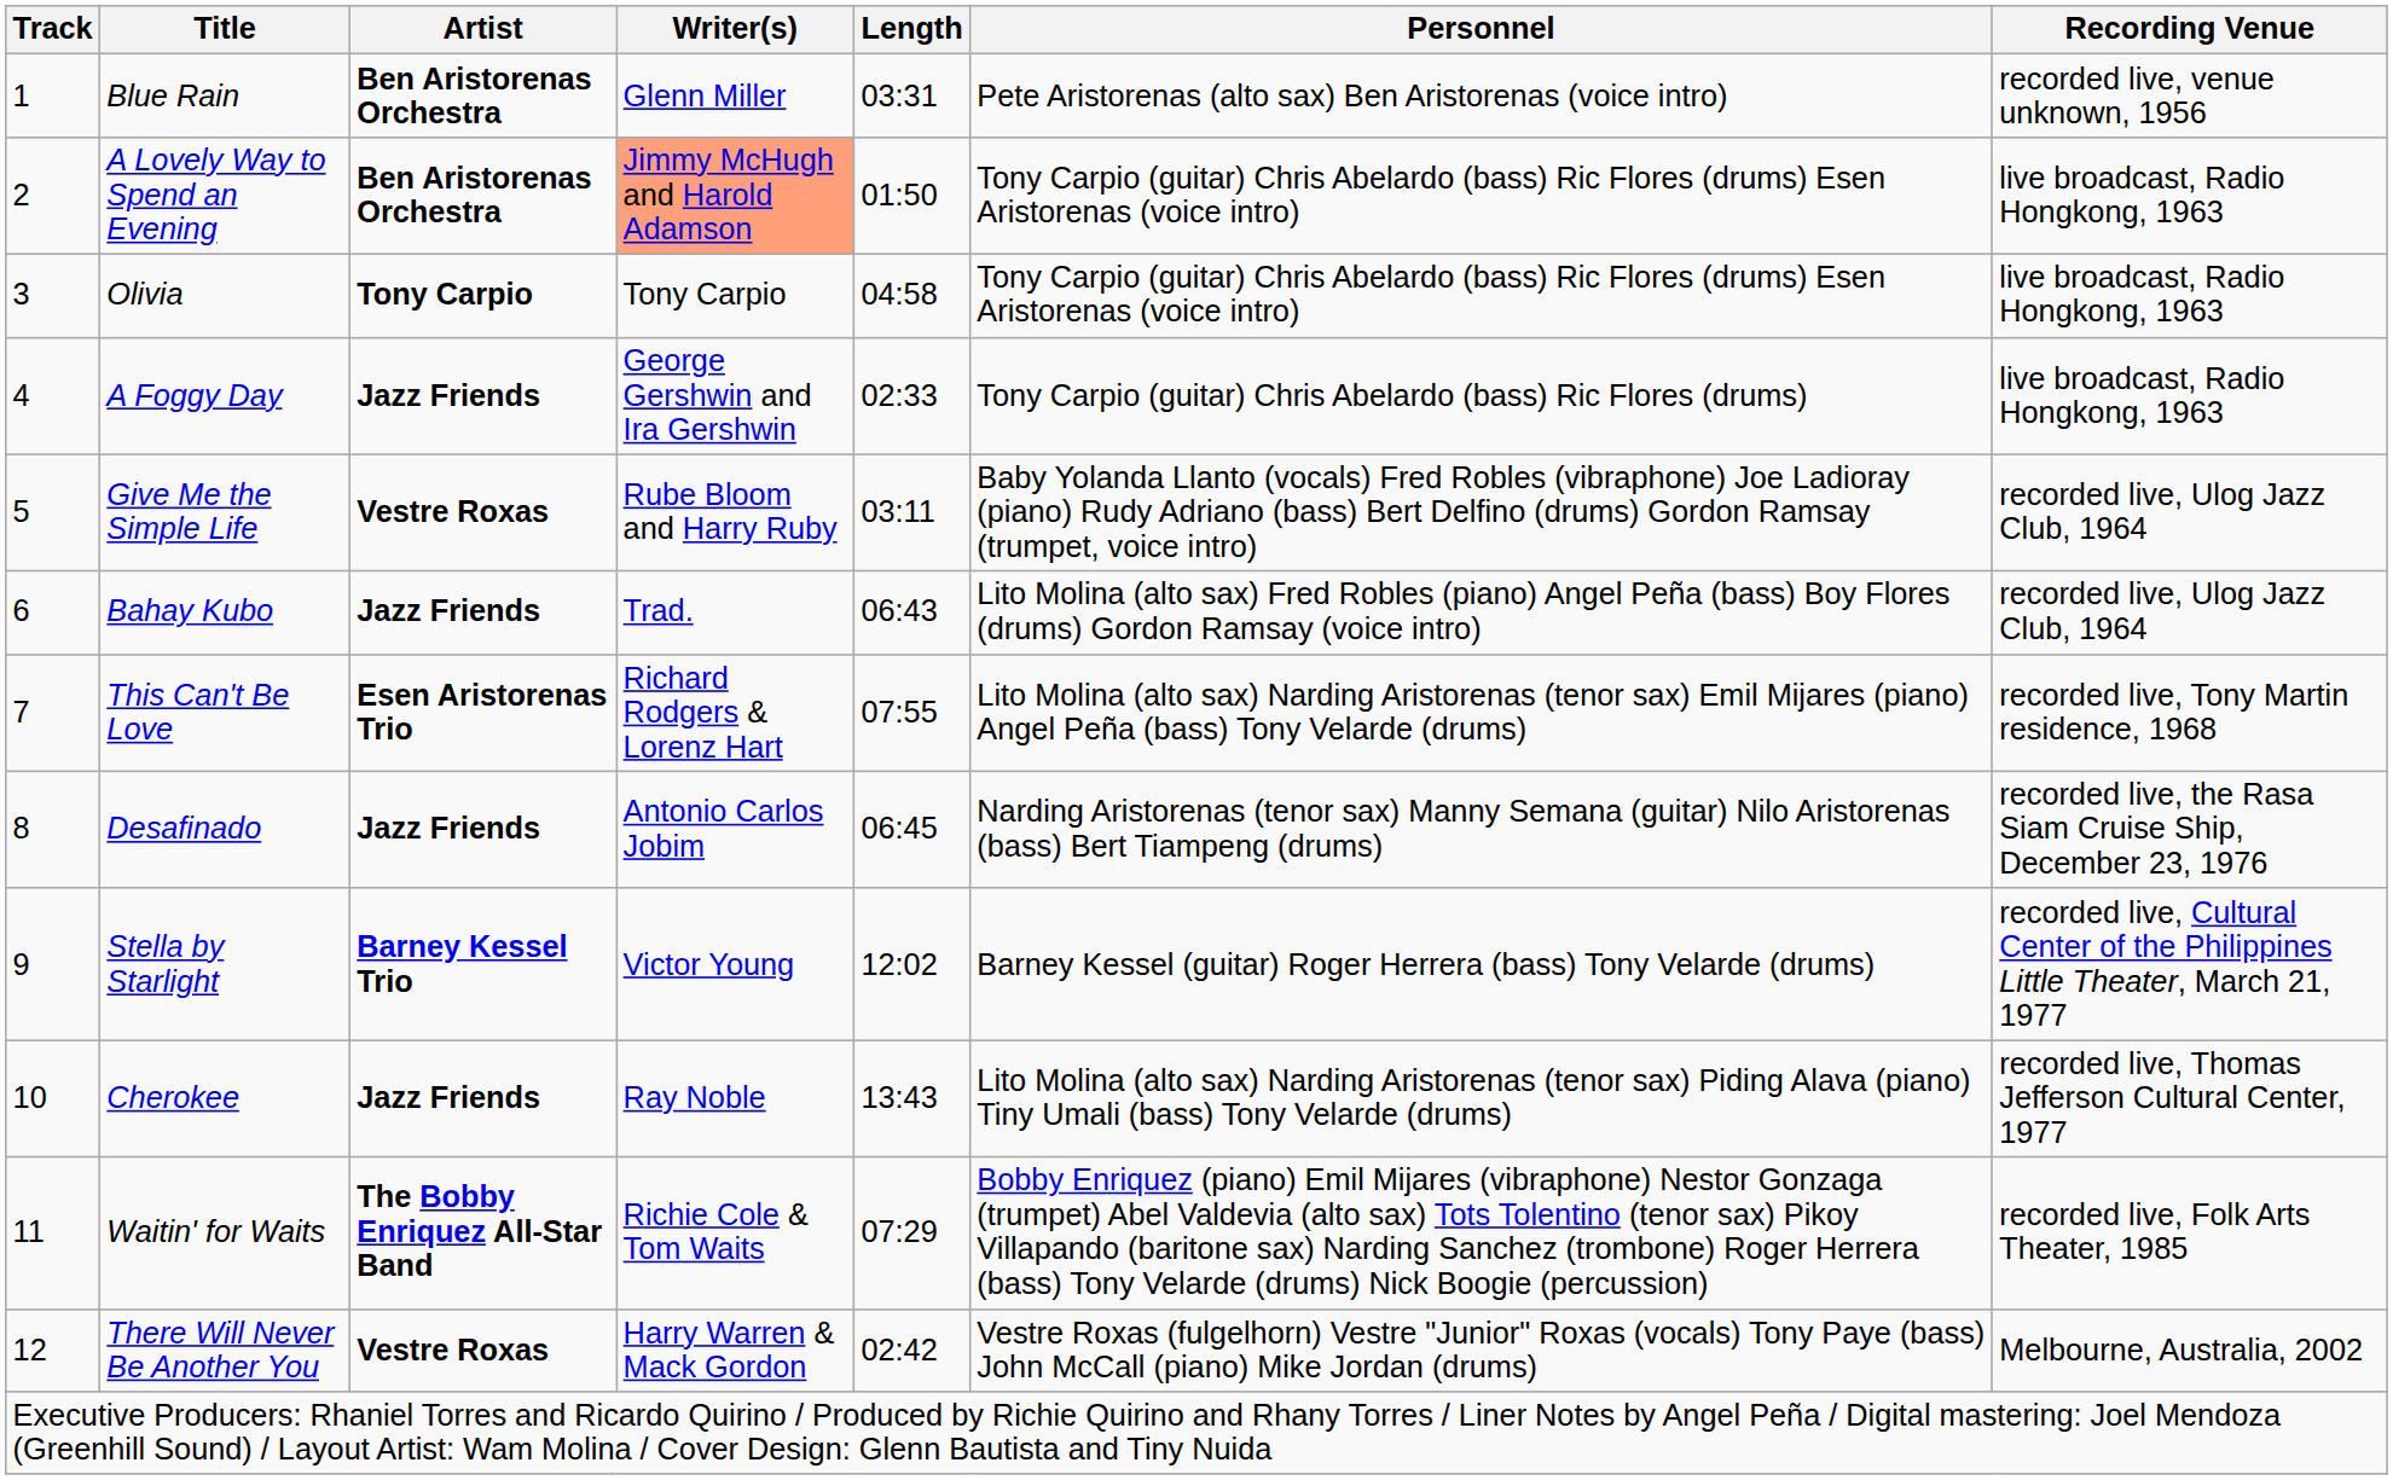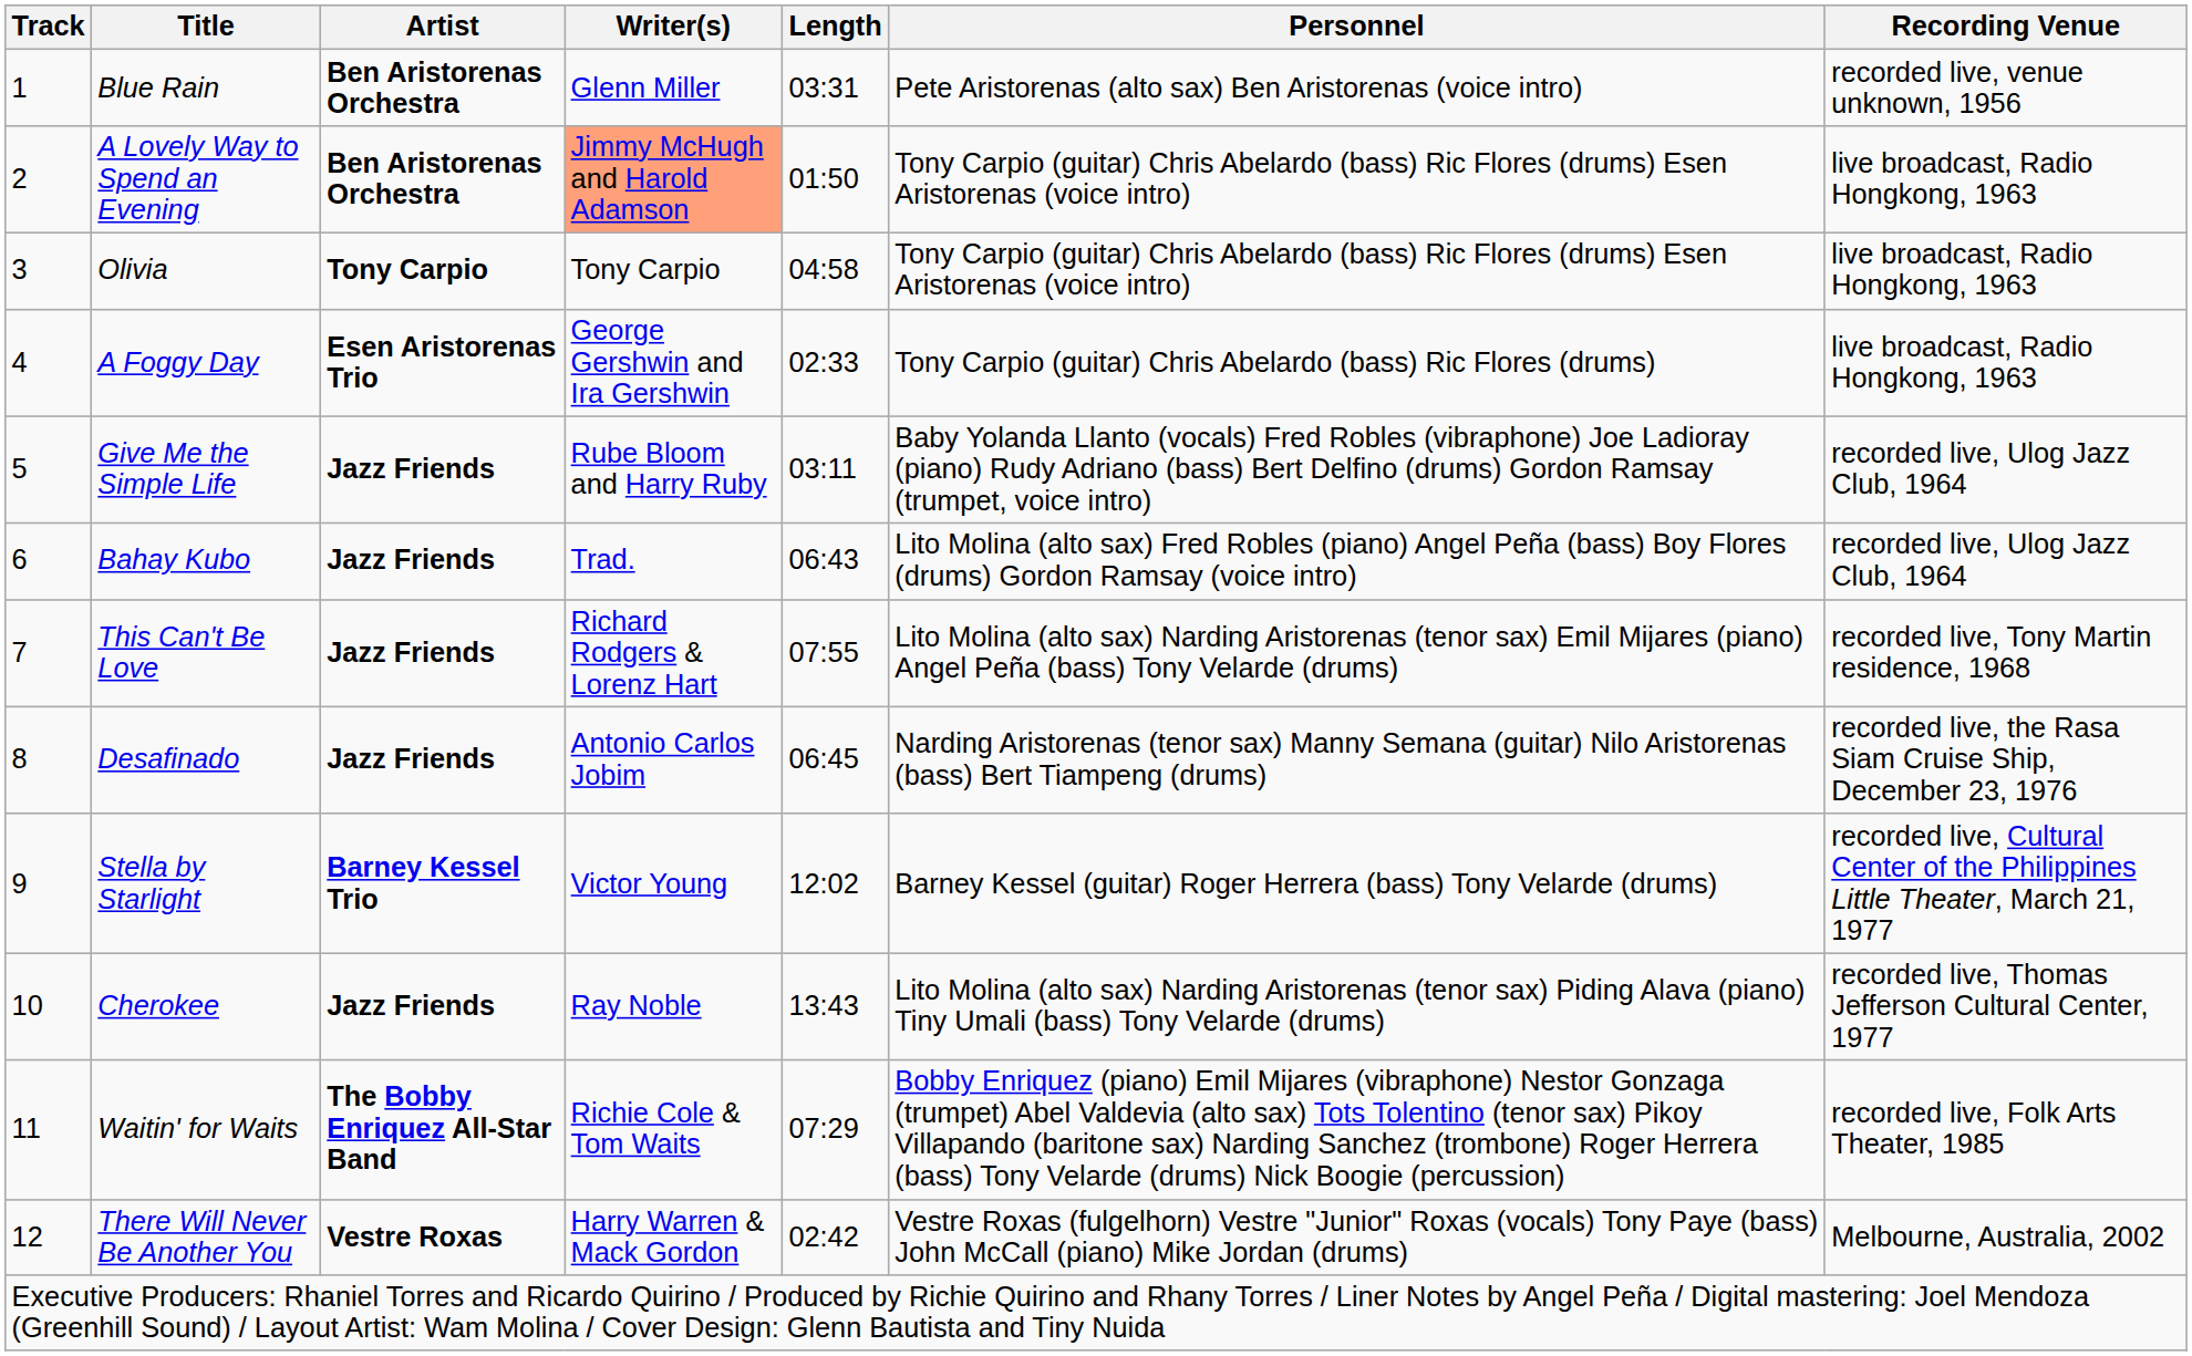 <table class="wikitable" valign="top">
 <tr>
 <th>Track</th>
 <th>Title</th>
 <th>Artist</th>
 <th>Writer(s)</th>
 <th>Length</th>
 <th>Personnel</th>
 <th>Recording Venue</th>
 </tr>
 <tr>
 <td>1</td>
 <td><em>Blue Rain</em></td>
 <td><strong>Ben Aristorenas Orchestra</strong></td>
 <td><a href='#'>Glenn Miller</a></td>
 <td>03:31</td>
 <td>Pete Aristorenas (alto sax) Ben Aristorenas (voice intro)</td>
 <td>recorded live, venue unknown, 1956</td>
 </tr>
 <tr>
 <td>2</td>
 <td><em><a href='#'>A Lovely Way to Spend an Evening</a></em></td>
 <td><strong>Ben Aristorenas Orchestra</strong></td>
 <td style="background: lightsalmon;"><a href='#'>Jimmy McHugh</a> and <a href='#'>Harold Adamson</a></td>
 <td>01:50</td>
 <td>Tony Carpio (guitar) Chris Abelardo (bass) Ric Flores (drums) Esen Aristorenas (voice intro)</td>
 <td>live broadcast, Radio Hongkong, 1963</td>
 </tr>
 <tr>
 <td>3</td>
 <td><em>Olivia</em></td>
 <td><strong>Tony Carpio</strong></td>
 <td>Tony Carpio</td>
 <td>04:58</td>
 <td>Tony Carpio (guitar) Chris Abelardo (bass) Ric Flores (drums) Esen Aristorenas (voice intro)</td>
 <td>live broadcast, Radio Hongkong, 1963</td>
 </tr>
 <tr>
 <td>4</td>
 <td><em><a href='#'>A Foggy Day</a></em></td>
-<td><strong>Jazz Friends</strong></td>
+<td><strong>Esen Aristorenas Trio</strong></td>
 <td><a href='#'>George Gershwin</a> and <a href='#'>Ira Gershwin</a></td>
 <td>02:33</td>
 <td>Tony Carpio (guitar) Chris Abelardo (bass) Ric Flores (drums)</td>
 <td>live broadcast, Radio Hongkong, 1963</td>
 </tr>
 <tr>
 <td>5</td>
 <td><em><a href='#'>Give Me the Simple Life</a></em></td>
-<td><strong>Vestre Roxas</strong></td>
+<td><strong>Jazz Friends</strong></td>
 <td><a href='#'>Rube Bloom</a> and <a href='#'>Harry Ruby</a></td>
 <td>03:11</td>
 <td>Baby Yolanda Llanto (vocals) Fred Robles (vibraphone) Joe Ladioray (piano) Rudy Adriano (bass) Bert Delfino (drums) Gordon Ramsay (trumpet, voice intro)</td>
 <td>recorded live, Ulog Jazz Club, 1964</td>
 </tr>
 <tr>
 <td>6</td>
 <td><em><a href='#'>Bahay Kubo</a></em></td>
 <td><strong>Jazz Friends</strong></td>
 <td><a href='#'>Trad.</a></td>
 <td>06:43</td>
 <td>Lito Molina (alto sax) Fred Robles (piano) Angel Peña (bass) Boy Flores (drums) Gordon Ramsay (voice intro)</td>
 <td>recorded live, Ulog Jazz Club, 1964</td>
 </tr>
 <tr>
 <td>7</td>
 <td><em><a href='#'>This Can't Be Love</a></em></td>
-<td><strong>Esen Aristorenas Trio</strong></td>
+<td><strong>Jazz Friends</strong></td>
 <td><a href='#'>Richard Rodgers</a> & <a href='#'>Lorenz Hart</a></td>
 <td>07:55</td>
 <td>Lito Molina (alto sax) Narding Aristorenas (tenor sax) Emil Mijares (piano) Angel Peña (bass) Tony Velarde (drums)</td>
 <td>recorded live, Tony Martin residence, 1968</td>
 </tr>
 <tr>
 <td>8</td>
 <td><em><a href='#'>Desafinado</a></em></td>
 <td><strong>Jazz Friends</strong></td>
 <td><a href='#'>Antonio Carlos Jobim</a></td>
 <td>06:45</td>
 <td>Narding Aristorenas (tenor sax) Manny Semana (guitar) Nilo Aristorenas (bass) Bert Tiampeng (drums)</td>
 <td>recorded live, the Rasa Siam Cruise Ship, December 23, 1976</td>
 </tr>
 <tr>
 <td>9</td>
 <td><em><a href='#'>Stella by Starlight</a></em></td>
 <td><strong><a href='#'>Barney Kessel</a> Trio</strong></td>
 <td><a href='#'>Victor Young</a></td>
 <td>12:02</td>
 <td>Barney Kessel (guitar) Roger Herrera (bass) Tony Velarde (drums)</td>
 <td>recorded live, <a href='#'>Cultural Center of the Philippines</a> <em>Little Theater</em>, March 21, 1977</td>
 </tr>
 <tr>
 <td>10</td>
 <td><em><a href='#'>Cherokee</a></em></td>
 <td><strong>Jazz Friends</strong></td>
 <td><a href='#'>Ray Noble</a></td>
 <td>13:43</td>
 <td>Lito Molina (alto sax) Narding Aristorenas (tenor sax) Piding Alava (piano) Tiny Umali (bass) Tony Velarde (drums)</td>
 <td>recorded live, Thomas Jefferson Cultural Center, 1977</td>
 </tr>
 <tr>
 <td>11</td>
 <td><em>Waitin' for Waits</em></td>
 <td><strong>The <a href='#'>Bobby Enriquez</a> All-Star Band</strong></td>
 <td><a href='#'>Richie Cole</a> & <a href='#'>Tom Waits</a></td>
 <td>07:29</td>
 <td><a href='#'>Bobby Enriquez</a> (piano) Emil Mijares (vibraphone) Nestor Gonzaga (trumpet) Abel Valdevia (alto sax) <a href='#'>Tots Tolentino</a> (tenor sax) Pikoy Villapando (baritone sax) Narding Sanchez (trombone) Roger Herrera (bass) Tony Velarde (drums) Nick Boogie (percussion)</td>
 <td>recorded live, Folk Arts Theater, 1985</td>
 </tr>
 <tr>
 <td>12</td>
 <td><em><a href='#'>There Will Never Be Another You</a></em></td>
 <td><strong>Vestre Roxas</strong></td>
 <td><a href='#'>Harry Warren</a> & <a href='#'>Mack Gordon</a></td>
 <td>02:42</td>
 <td>Vestre Roxas (fulgelhorn) Vestre "Junior" Roxas (vocals) Tony Paye (bass) John McCall (piano) Mike Jordan (drums)</td>
 <td>Melbourne, Australia, 2002</td>
 </tr>
 <tr>
 <td colspan=7>Executive Producers: Rhaniel Torres and Ricardo Quirino / Produced by Richie Quirino and Rhany Torres / Liner Notes by Angel Peña / Digital mastering: Joel Mendoza (Greenhill Sound) / Layout Artist: Wam Molina / Cover Design: Glenn Bautista and Tiny Nuida</td>
 </tr>
 </table>
